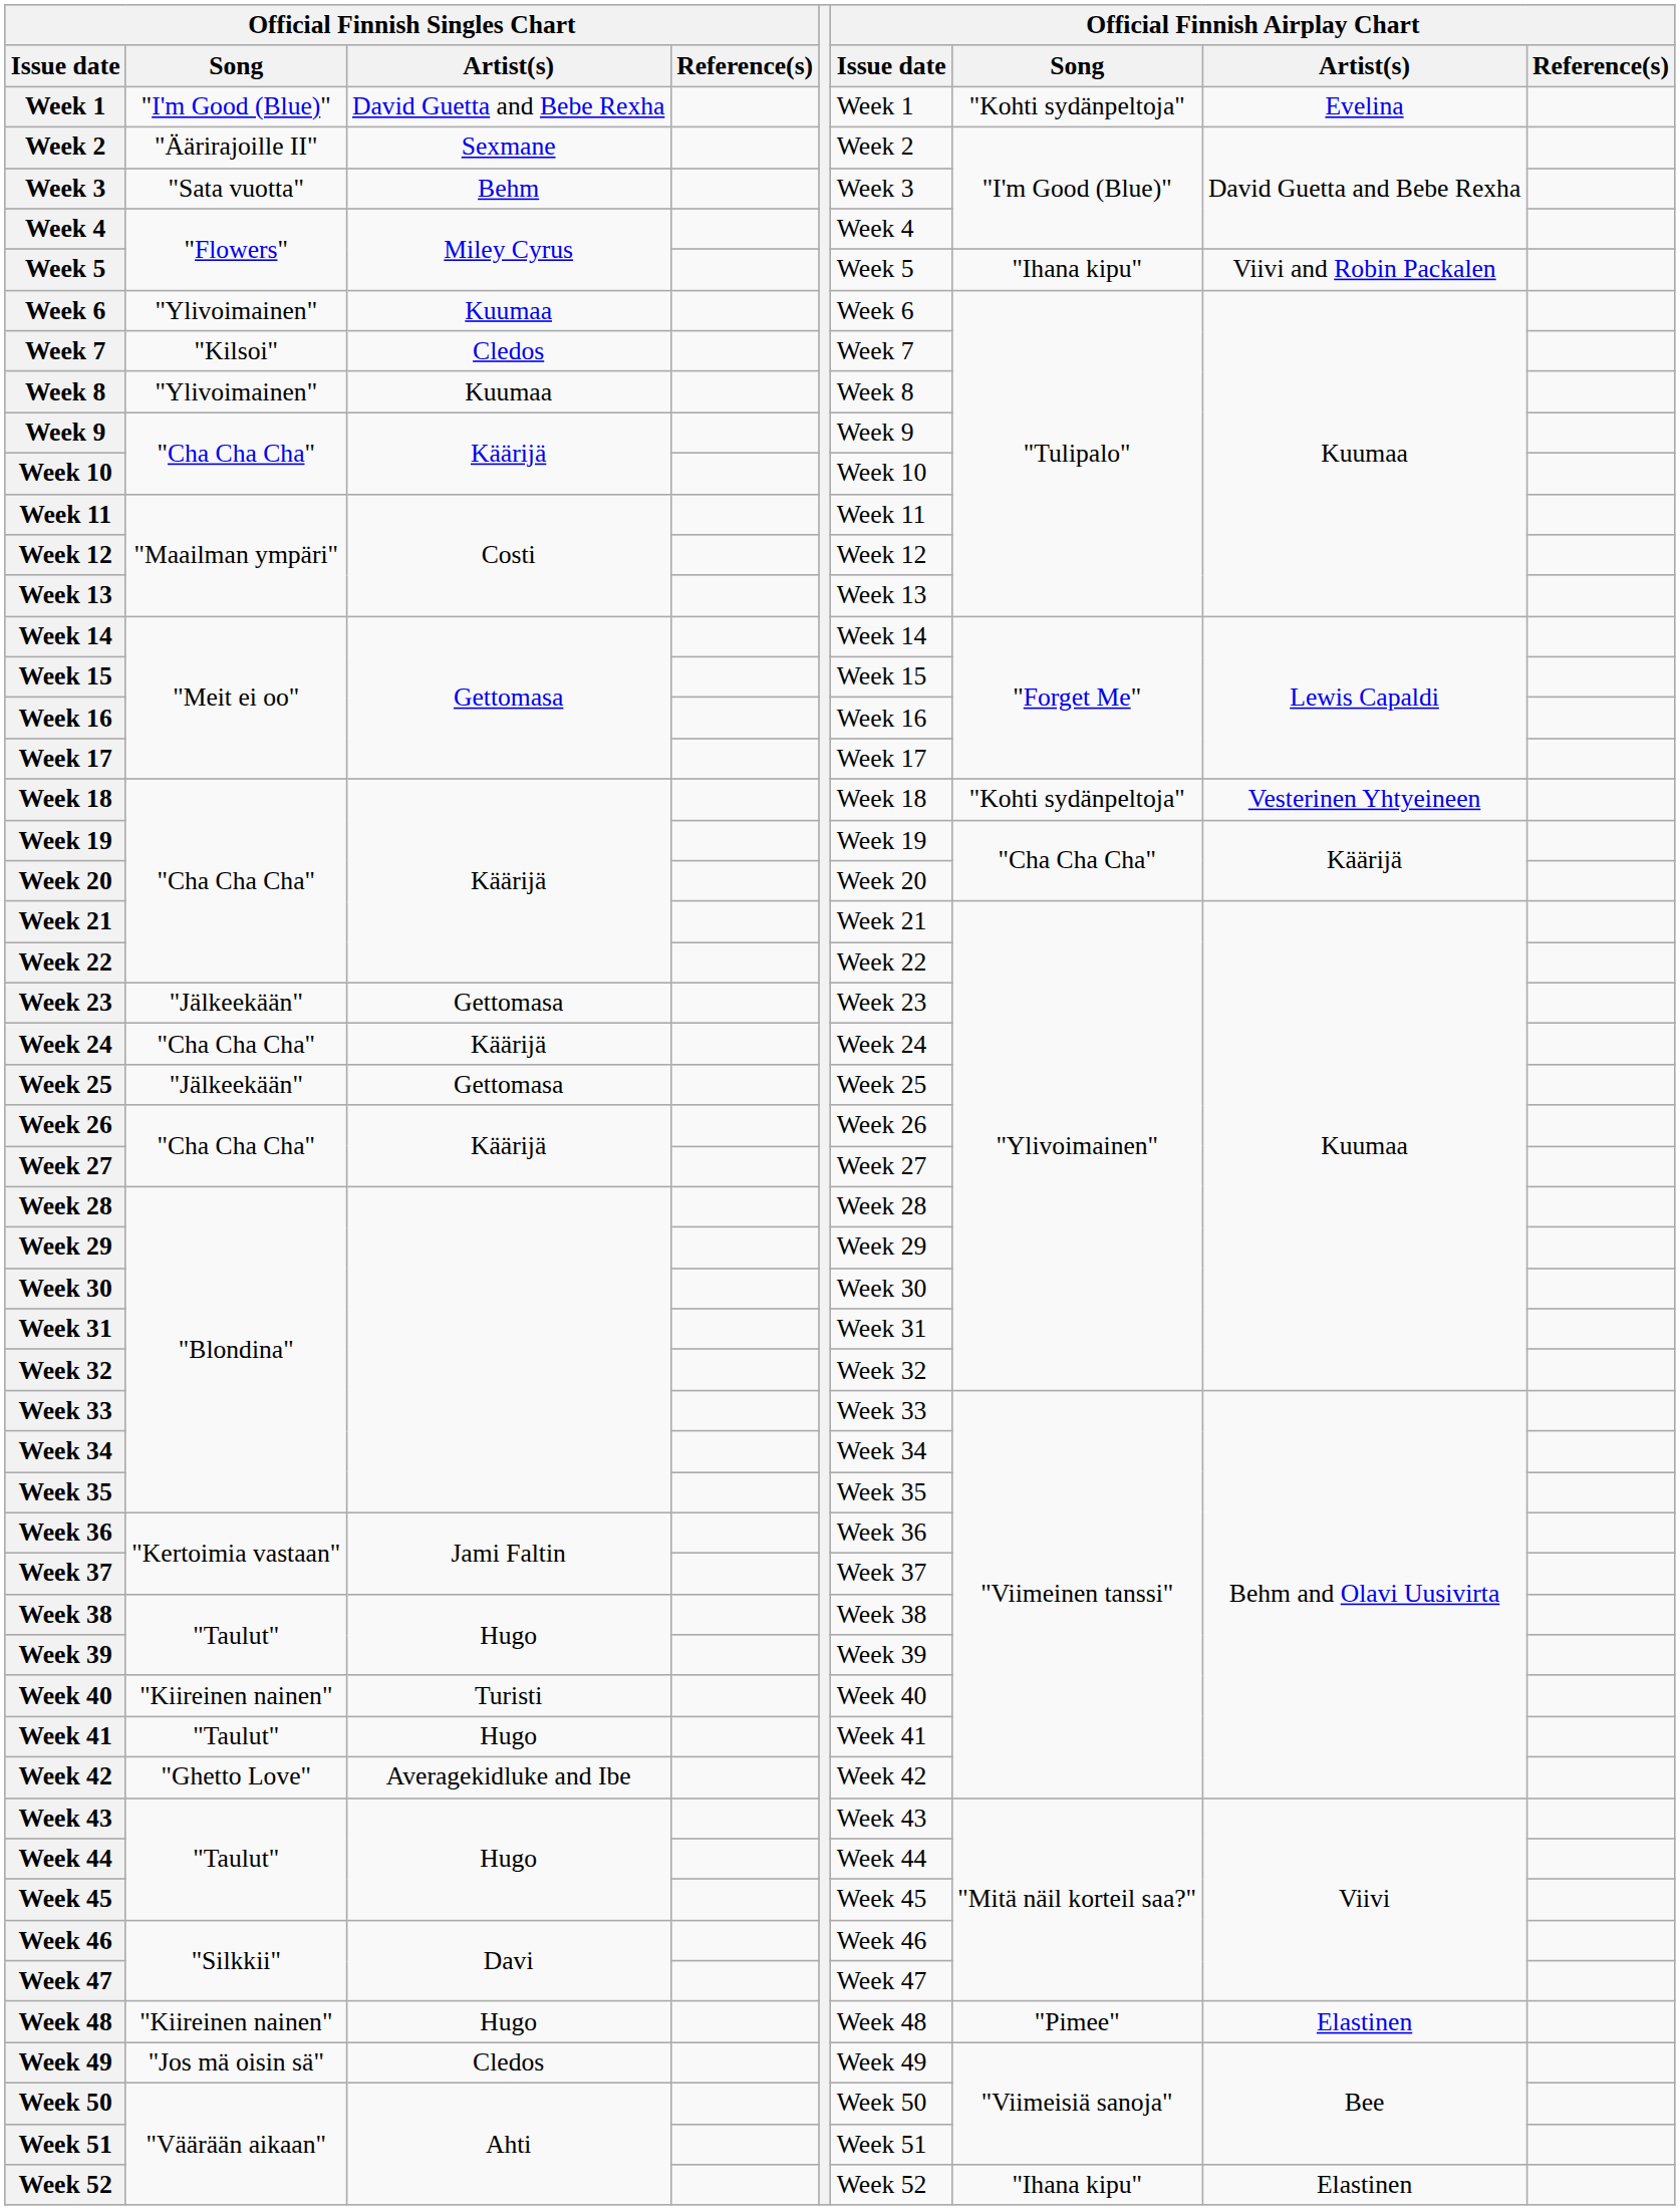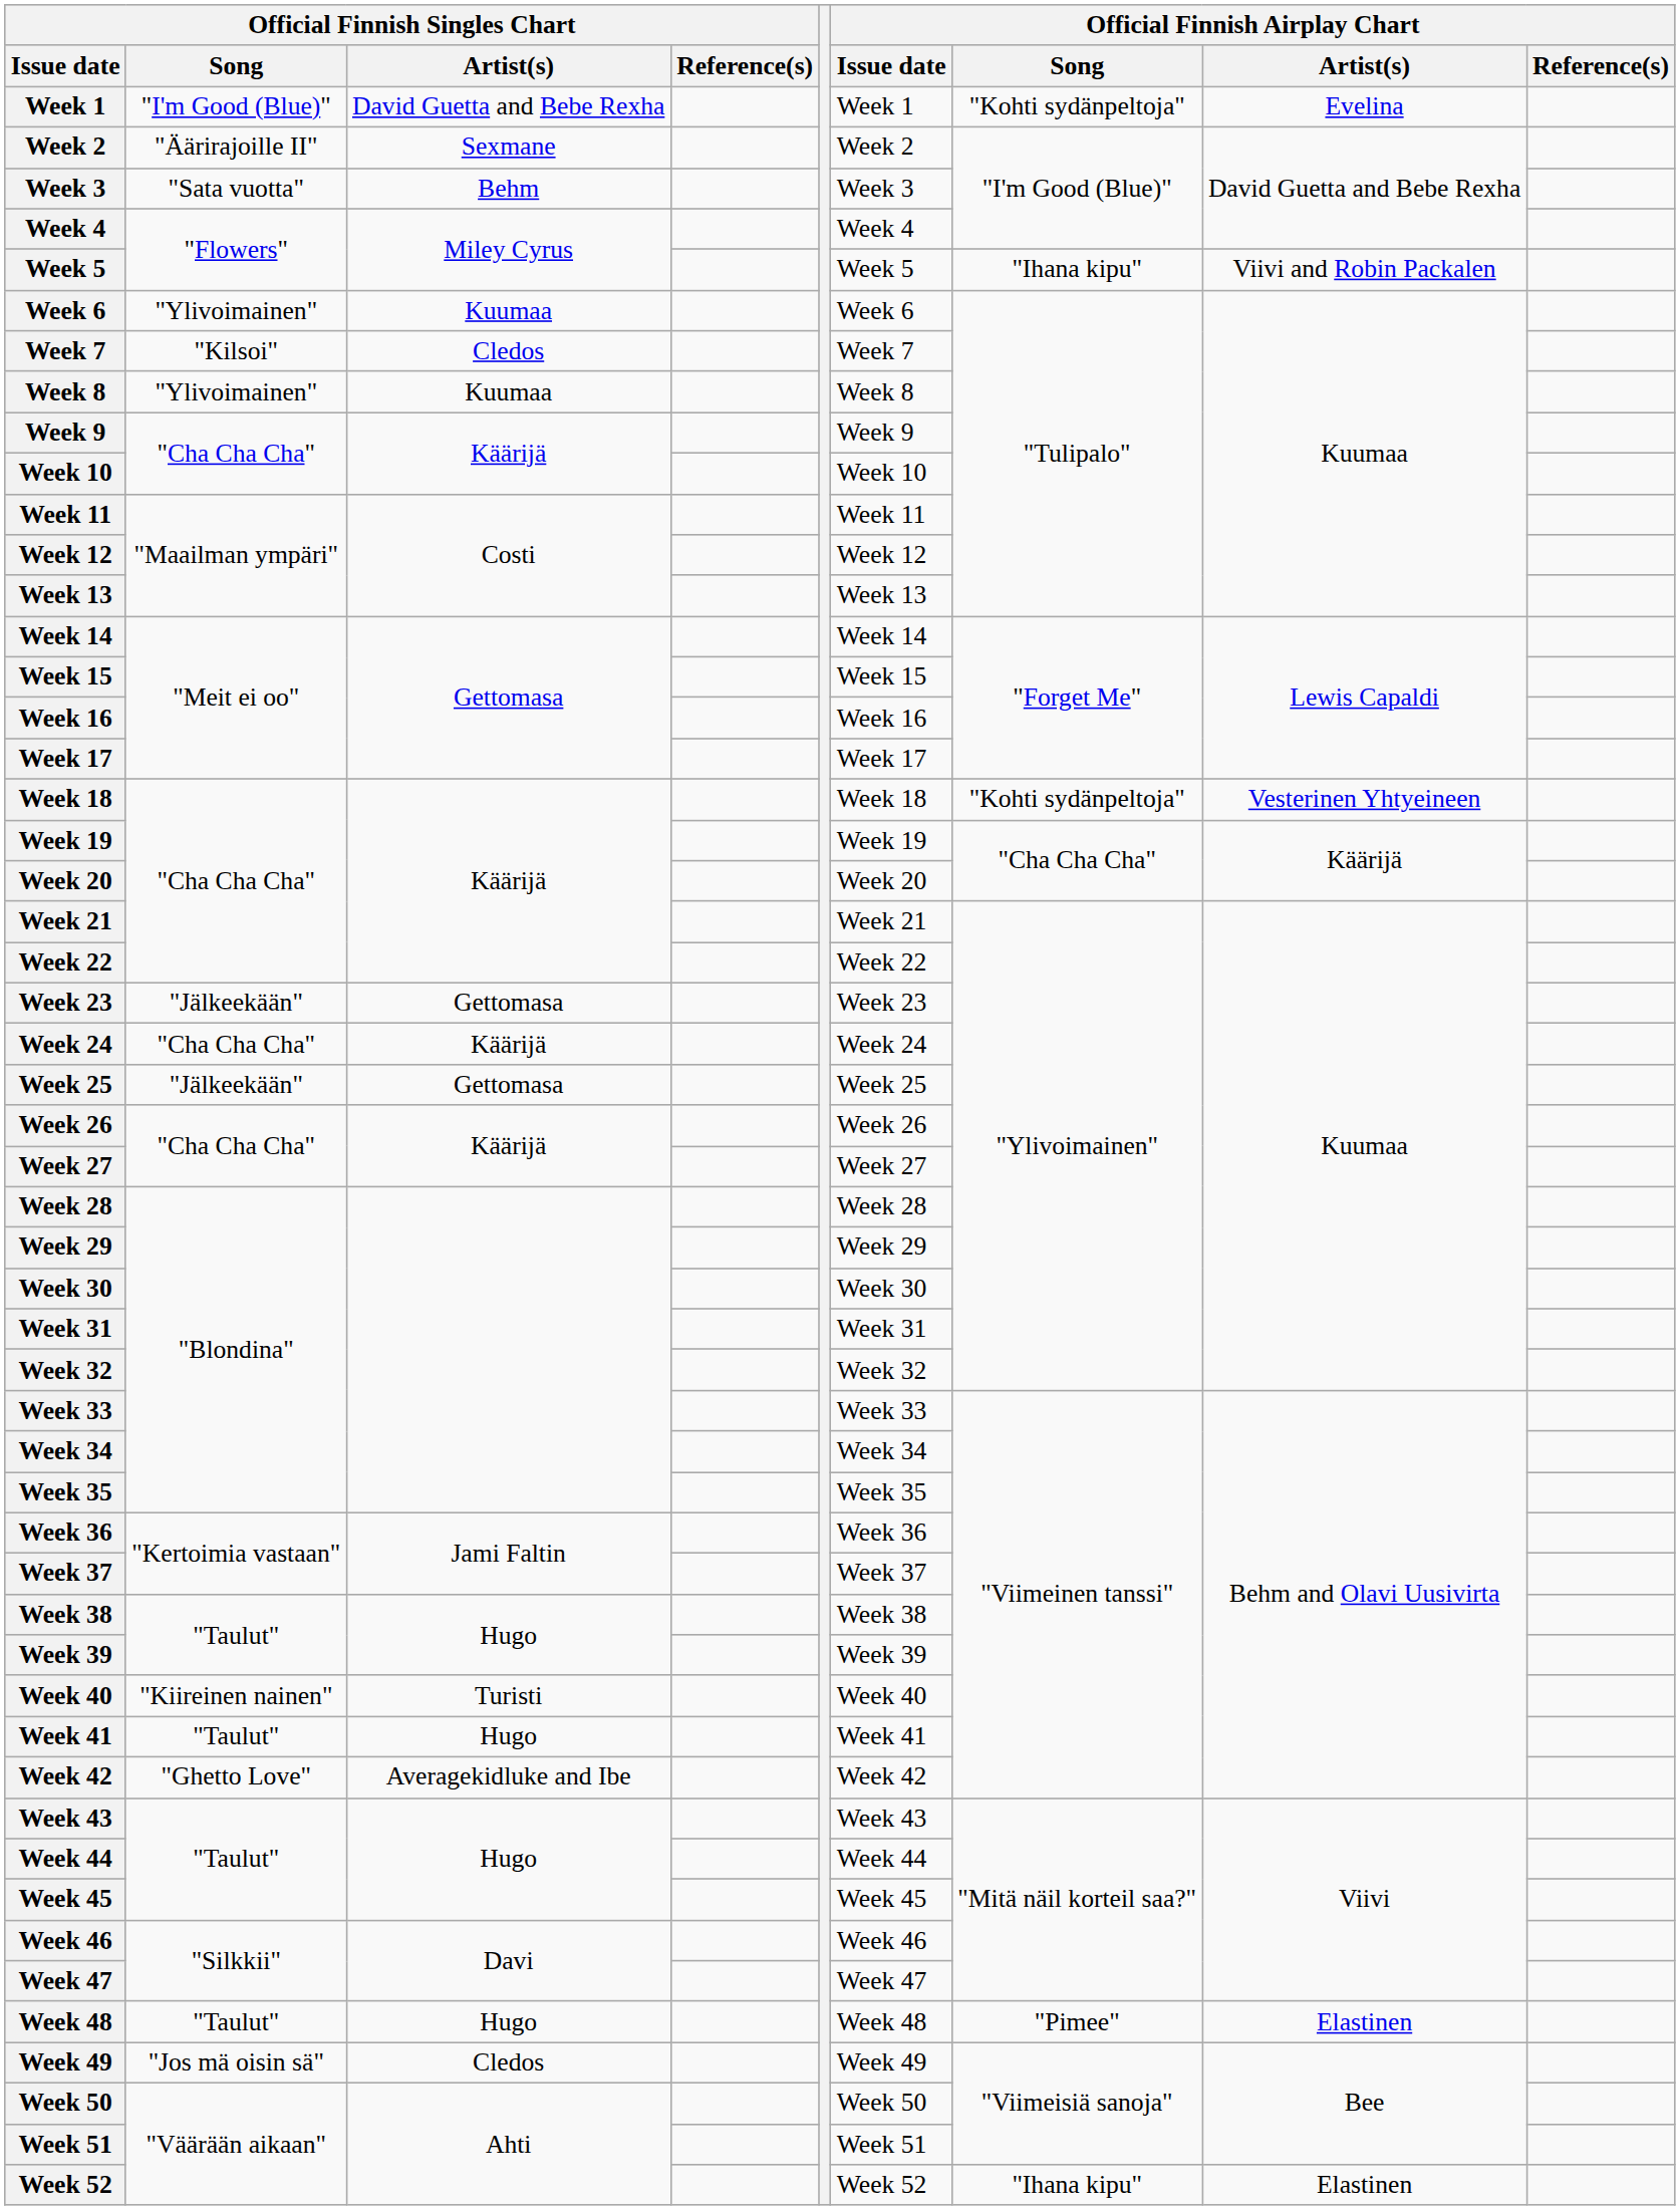 <table class="wikitable plainrowheaders" style="text-align:center">
 <tr>
 <th scope="col" colspan="4">Official Finnish Singles Chart</th>
 <th scope="col" colspan="1" rowspan="55"></th>
 <th scope="col" colspan="4">Official Finnish Airplay Chart</th>
 </tr>
 <tr>
 <th>Issue date</th>
 <th>Song</th>
 <th>Artist(s)</th>
 <th>Reference(s)</th>
 <th>Issue date</th>
 <th>Song</th>
 <th>Artist(s)</th>
 <th>Reference(s)</th>
 </tr>
 <tr>
 <th scope="row">Week 1</th>
 <td>"<a href='#'>I'm Good (Blue)</a>"</td>
 <td><a href='#'>David Guetta</a> and <a href='#'>Bebe Rexha</a></td>
 <td></td>
 <td style="text-align: left;">Week 1</td>
 <td>"Kohti sydänpeltoja"</td>
 <td><a href='#'>Evelina</a></td>
 <td></td>
 </tr>
 <tr>
 <th scope="row">Week 2</th>
 <td>"Äärirajoille II"</td>
 <td><a href='#'>Sexmane</a></td>
 <td></td>
 <td style="text-align: left;">Week 2</td>
 <td rowspan="3">"I'm Good (Blue)"</td>
 <td rowspan="3">David Guetta and Bebe Rexha</td>
 <td></td>
 </tr>
 <tr>
 <th scope="row">Week 3</th>
 <td>"Sata vuotta"</td>
 <td><a href='#'>Behm</a></td>
 <td></td>
 <td style="text-align: left;">Week 3</td>
 <td></td>
 </tr>
 <tr>
 <th scope="row">Week 4</th>
 <td rowspan="2">"<a href='#'>Flowers</a>"</td>
 <td rowspan="2"><a href='#'>Miley Cyrus</a></td>
 <td></td>
 <td style="text-align: left;">Week 4</td>
 <td></td>
 </tr>
 <tr>
 <th scope="row">Week 5</th>
 <td></td>
 <td style="text-align: left;">Week 5</td>
 <td>"Ihana kipu"</td>
 <td>Viivi and <a href='#'>Robin Packalen</a></td>
 <td></td>
 </tr>
 <tr>
 <th scope="row">Week 6</th>
 <td>"Ylivoimainen"</td>
 <td><a href='#'>Kuumaa</a></td>
 <td></td>
 <td style="text-align: left;">Week 6</td>
 <td rowspan="8">"Tulipalo"</td>
 <td rowspan="8">Kuumaa</td>
 <td></td>
 </tr>
 <tr>
 <th scope="row">Week 7</th>
 <td>"Kilsoi"</td>
 <td><a href='#'>Cledos</a></td>
 <td></td>
 <td style="text-align: left;">Week 7</td>
 <td></td>
 </tr>
 <tr>
 <th scope="row">Week 8</th>
 <td>"Ylivoimainen"</td>
 <td>Kuumaa</td>
 <td></td>
 <td style="text-align: left;">Week 8</td>
 <td></td>
 </tr>
 <tr>
 <th scope="row">Week 9</th>
 <td rowspan="2">"<a href='#'>Cha Cha Cha</a>"</td>
 <td rowspan="2"><a href='#'>Käärijä</a></td>
 <td></td>
 <td style="text-align: left;">Week 9</td>
 <td></td>
 </tr>
 <tr>
 <th scope="row">Week 10</th>
 <td></td>
 <td style="text-align: left;">Week 10</td>
 <td></td>
 </tr>
 <tr>
 <th scope="row">Week 11</th>
 <td rowspan="3">"Maailman ympäri"</td>
 <td rowspan="3">Costi</td>
 <td></td>
 <td style="text-align: left;">Week 11</td>
 <td></td>
 </tr>
 <tr>
 <th scope="row">Week 12</th>
 <td></td>
 <td style="text-align: left;">Week 12</td>
 <td></td>
 </tr>
 <tr>
 <th scope="row">Week 13</th>
 <td></td>
 <td style="text-align: left;">Week 13</td>
 <td></td>
 </tr>
 <tr>
 <th scope="row">Week 14</th>
 <td rowspan="4">"Meit ei oo"</td>
 <td rowspan="4"><a href='#'>Gettomasa</a></td>
 <td></td>
 <td style="text-align: left;">Week 14</td>
 <td rowspan="4">"<a href='#'>Forget Me</a>"</td>
 <td rowspan="4"><a href='#'>Lewis Capaldi</a></td>
 <td></td>
 </tr>
 <tr>
 <th scope="row">Week 15</th>
 <td></td>
 <td style="text-align: left;">Week 15</td>
 <td></td>
 </tr>
 <tr>
 <th scope="row">Week 16</th>
 <td></td>
 <td style="text-align: left;">Week 16</td>
 <td></td>
 </tr>
 <tr>
 <th scope="row">Week 17</th>
 <td></td>
 <td style="text-align: left;">Week 17</td>
 <td></td>
 </tr>
 <tr>
 <th scope="row">Week 18</th>
 <td rowspan="5">"Cha Cha Cha"</td>
 <td rowspan="5">Käärijä</td>
 <td></td>
 <td style="text-align: left;">Week 18</td>
 <td>"Kohti sydänpeltoja"</td>
 <td><a href='#'>Vesterinen Yhtyeineen</a></td>
 <td></td>
 </tr>
 <tr>
 <th scope="row">Week 19</th>
 <td></td>
 <td style="text-align: left;">Week 19</td>
 <td rowspan="2">"Cha Cha Cha"</td>
 <td rowspan="2">Käärijä</td>
 <td></td>
 </tr>
 <tr>
 <th scope="row">Week 20</th>
 <td></td>
 <td style="text-align: left;">Week 20</td>
 <td></td>
 </tr>
 <tr>
 <th scope="row">Week 21</th>
 <td></td>
 <td style="text-align: left;">Week 21</td>
 <td rowspan="12">"Ylivoimainen"</td>
 <td rowspan="12">Kuumaa</td>
 <td></td>
 </tr>
 <tr>
 <th scope="row">Week 22</th>
 <td></td>
 <td style="text-align: left;">Week 22</td>
 <td></td>
 </tr>
 <tr>
 <th scope="row">Week 23</th>
 <td>"Jälkeekään"</td>
 <td>Gettomasa</td>
 <td></td>
 <td style="text-align: left;">Week 23</td>
 <td></td>
 </tr>
 <tr>
 <th scope="row">Week 24</th>
 <td>"Cha Cha Cha"</td>
 <td>Käärijä</td>
 <td></td>
 <td style="text-align: left;">Week 24</td>
 <td></td>
 </tr>
 <tr>
 <th scope="row">Week 25</th>
 <td>"Jälkeekään"</td>
 <td>Gettomasa</td>
 <td></td>
 <td style="text-align: left;">Week 25</td>
 <td></td>
 </tr>
 <tr>
 <th scope="row">Week 26</th>
 <td rowspan="2">"Cha Cha Cha"</td>
 <td rowspan="2">Käärijä</td>
 <td></td>
 <td style="text-align: left;">Week 26</td>
 <td></td>
 </tr>
 <tr>
 <th scope="row">Week 27</th>
 <td></td>
 <td style="text-align: left;">Week 27</td>
 <td></td>
 </tr>
 <tr>
 <th scope="row">Week 28</th>
 <td rowspan="8">"Blondina"</td>
 <td rowspan="8"></td>
 <td></td>
 <td style="text-align: left;">Week 28</td>
 <td></td>
 </tr>
 <tr>
 <th scope="row">Week 29</th>
 <td></td>
 <td style="text-align: left;">Week 29</td>
 <td></td>
 </tr>
 <tr>
 <th scope="row">Week 30</th>
 <td></td>
 <td style="text-align: left;">Week 30</td>
 <td></td>
 </tr>
 <tr>
 <th scope="row">Week 31</th>
 <td></td>
 <td style="text-align: left;">Week 31</td>
 <td></td>
 </tr>
 <tr>
 <th scope="row">Week 32</th>
 <td></td>
 <td style="text-align: left;">Week 32</td>
 <td></td>
 </tr>
 <tr>
 <th scope="row">Week 33</th>
 <td></td>
 <td style="text-align: left;">Week 33</td>
 <td rowspan="10">"Viimeinen tanssi"</td>
 <td rowspan="10">Behm and <a href='#'>Olavi Uusivirta</a></td>
 <td></td>
 </tr>
 <tr>
 <th scope="row">Week 34</th>
 <td></td>
 <td style="text-align: left;">Week 34</td>
 <td></td>
 </tr>
 <tr>
 <th scope="row">Week 35</th>
 <td></td>
 <td style="text-align: left;">Week 35</td>
 <td></td>
 </tr>
 <tr>
 <th scope="row">Week 36</th>
 <td rowspan="2">"Kertoimia vastaan"</td>
 <td rowspan="2">Jami Faltin</td>
 <td></td>
 <td style="text-align: left;">Week 36</td>
 <td></td>
 </tr>
 <tr>
 <th scope="row">Week 37</th>
 <td></td>
 <td style="text-align: left;">Week 37</td>
 <td></td>
 </tr>
 <tr>
 <th scope="row">Week 38</th>
 <td rowspan="2">"Taulut"</td>
 <td rowspan="2">Hugo<br></td>
 <td></td>
 <td style="text-align: left;">Week 38</td>
 <td></td>
 </tr>
 <tr>
 <th scope="row">Week 39</th>
 <td></td>
 <td style="text-align: left;">Week 39</td>
 <td></td>
 </tr>
 <tr>
 <th scope="row">Week 40</th>
 <td>"Kiireinen nainen"</td>
 <td>Turisti<br></td>
 <td></td>
 <td style="text-align: left;">Week 40</td>
 <td></td>
 </tr>
 <tr>
 <th scope="row">Week 41</th>
 <td>"Taulut"</td>
 <td>Hugo<br></td>
 <td></td>
 <td style="text-align: left;">Week 41</td>
 <td></td>
 </tr>
 <tr>
 <th scope="row">Week 42</th>
 <td>"Ghetto Love"</td>
 <td>Averagekidluke and Ibe</td>
 <td></td>
 <td style="text-align: left;">Week 42</td>
 <td></td>
 </tr>
 <tr>
 <th scope="row">Week 43</th>
 <td rowspan="3">"Taulut"</td>
 <td rowspan="3">Hugo<br></td>
 <td></td>
 <td style="text-align: left;">Week 43</td>
 <td rowspan="5">"Mitä näil korteil saa?"</td>
 <td rowspan="5">Viivi<br></td>
 <td></td>
 </tr>
 <tr>
 <th scope="row">Week 44</th>
 <td></td>
 <td style="text-align: left;">Week 44</td>
 <td></td>
 </tr>
 <tr>
 <th scope="row">Week 45</th>
 <td></td>
 <td style="text-align: left;">Week 45</td>
 <td></td>
 </tr>
 <tr>
 <th scope="row">Week 46</th>
 <td rowspan="2">"Silkkii"</td>
 <td rowspan="2">Davi<br></td>
 <td></td>
 <td style="text-align: left;">Week 46</td>
 <td></td>
 </tr>
 <tr>
 <th scope="row">Week 47</th>
 <td></td>
 <td style="text-align: left;">Week 47</td>
 <td></td>
 </tr>
 <tr>
 <th scope="row">Week 48</th>
-<td>"Kiireinen nainen"</td>
+<td>"Taulut"</td>
 <td>Hugo<br></td>
 <td></td>
 <td style="text-align: left;">Week 48</td>
 <td>"Pimee"</td>
 <td><a href='#'>Elastinen</a><br></td>
 <td></td>
 </tr>
 <tr>
 <th scope="row">Week 49</th>
 <td>"Jos mä oisin sä"</td>
 <td>Cledos</td>
 <td></td>
 <td style="text-align: left;">Week 49</td>
 <td rowspan="3">"Viimeisiä sanoja"</td>
 <td rowspan="3">Bee</td>
 <td></td>
 </tr>
 <tr>
 <th scope="row">Week 50</th>
 <td rowspan="3">"Väärään aikaan"</td>
 <td rowspan="3">Ahti<br></td>
 <td></td>
 <td style="text-align: left;">Week 50</td>
 <td></td>
 </tr>
 <tr>
 <th scope="row">Week 51</th>
 <td></td>
 <td style="text-align: left;">Week 51</td>
 <td></td>
 </tr>
 <tr>
 <th scope="row">Week 52</th>
 <td></td>
 <td style="text-align: left;">Week 52</td>
 <td>"Ihana kipu"</td>
 <td>Elastinen<br></td>
 <td></td>
 </tr>
 </table>
